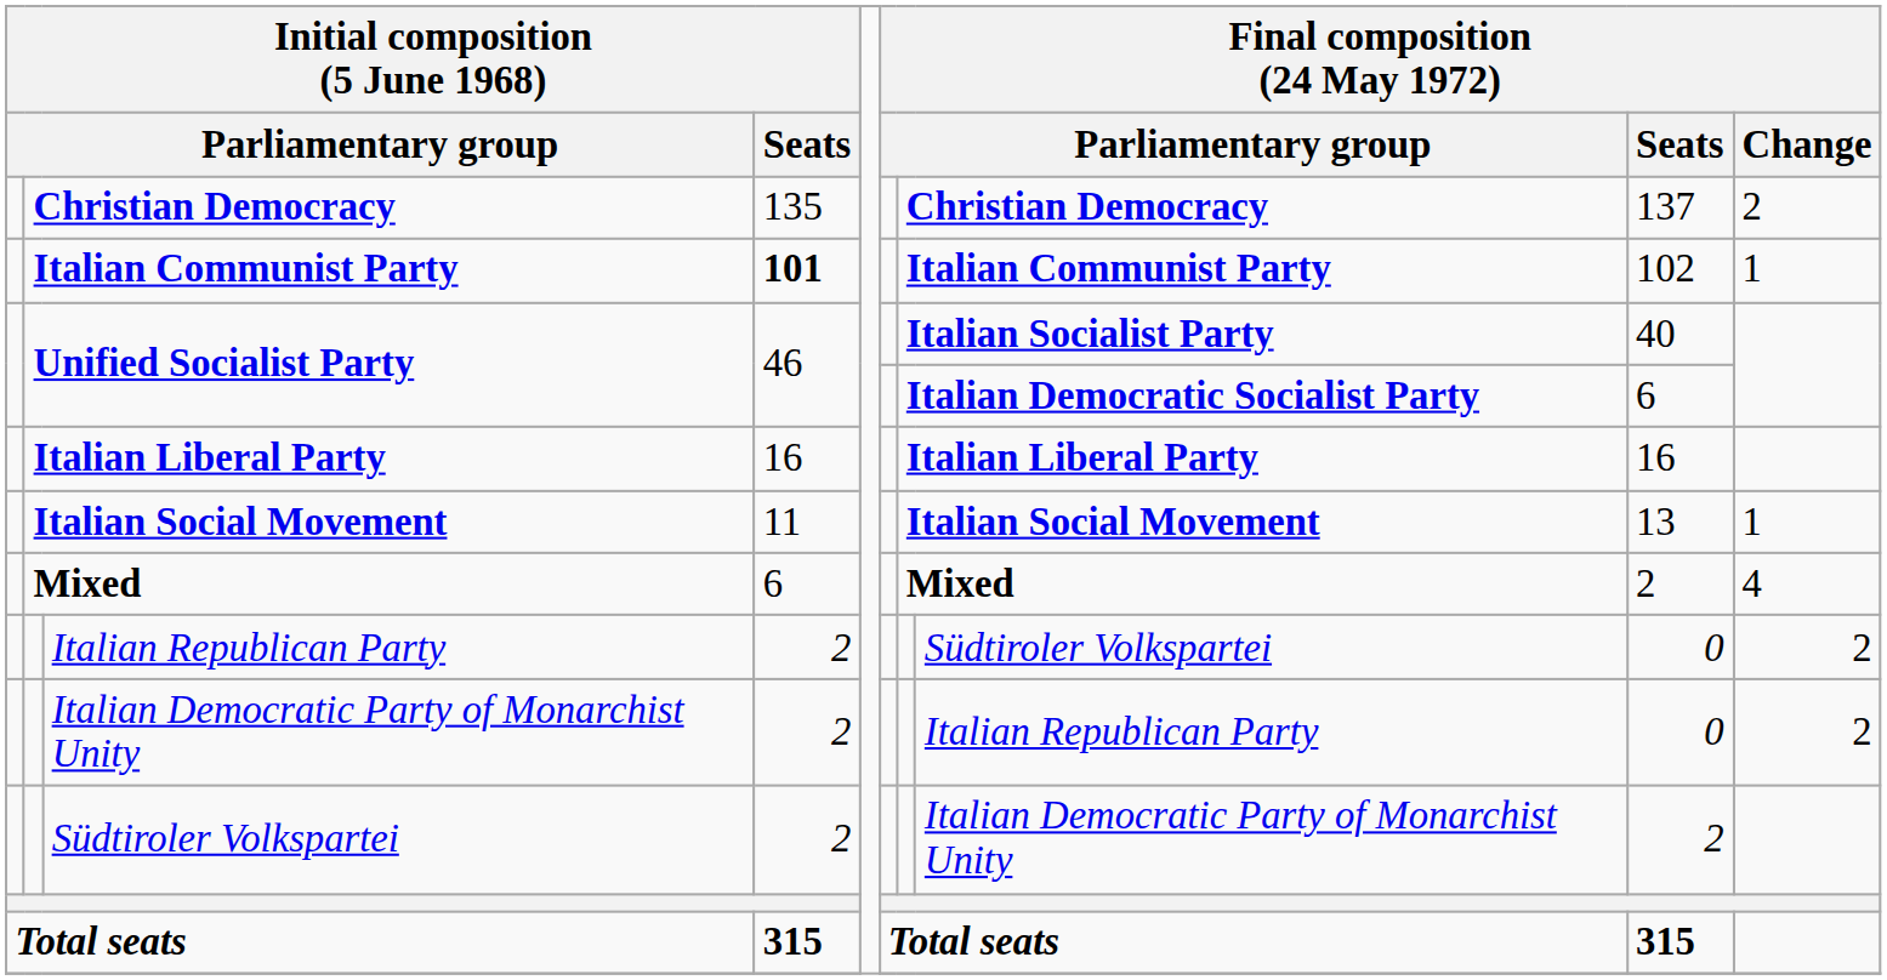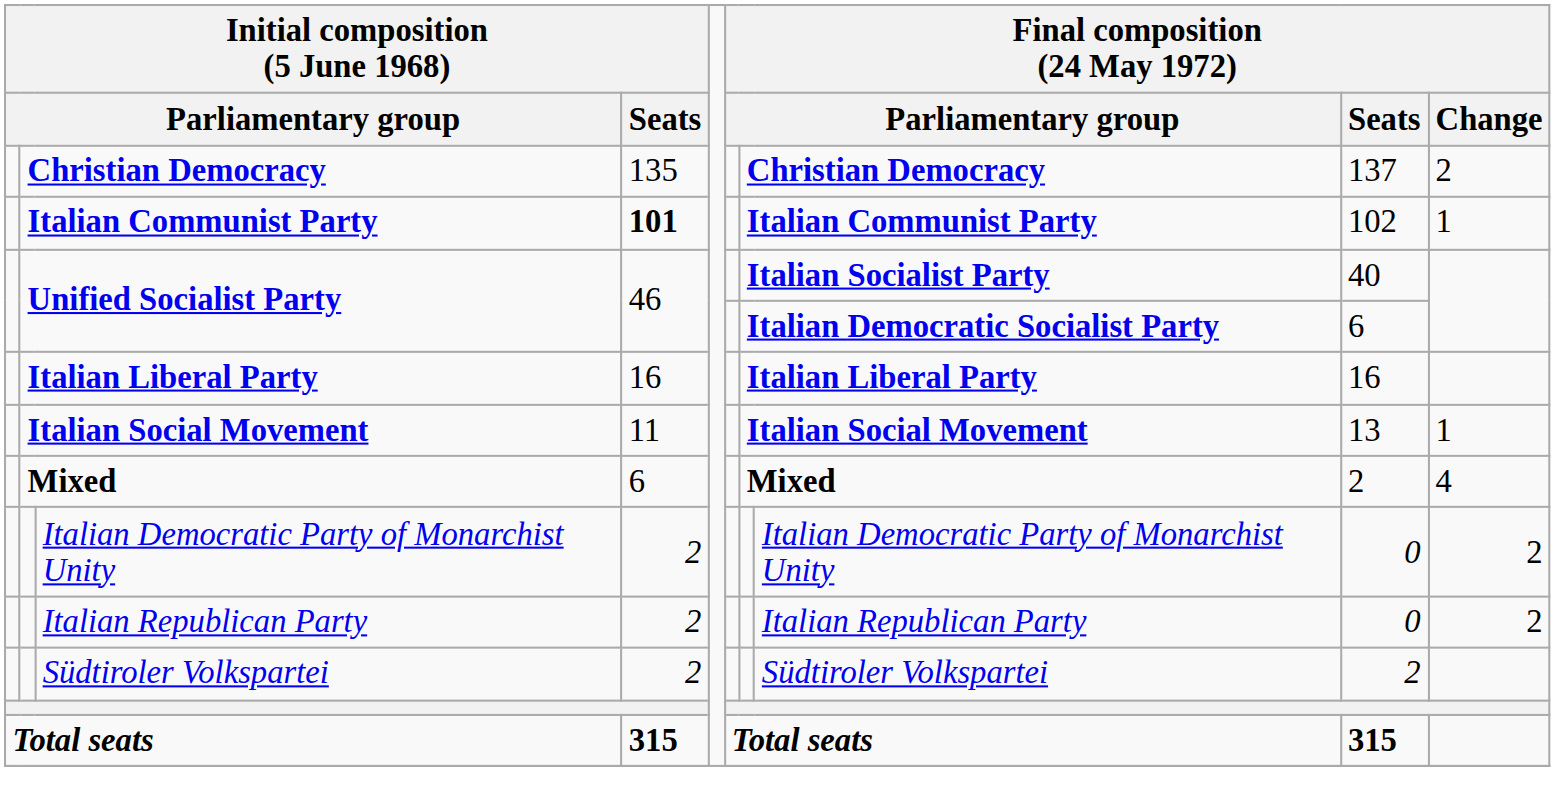 <table class="wikitable" style="width : 60%;">
 <tr>
 <th colspan="4">Initial composition<br>(5 June 1968)</th>
 <td rowspan="30" style="width : 1%;"></td>
 <th colspan="5">Final composition<br>(24 May 1972)</th>
 </tr>
 <tr>
 <th colspan="3">Parliamentary group</th>
 <th>Seats</th>
 <th colspan="3">Parliamentary group</th>
 <th>Seats</th>
 <th>Change</th>
 </tr>
 <tr>
 <td></td>
 <td colspan = "2"><strong><a href='#'>Christian Democracy</a></strong></td>
 <td>135</td>
 <td></td>
 <td colspan = "2"><strong><a href='#'>Christian Democracy</a></strong></td>
 <td>137</td>
 <td> 2</td>
 </tr>
 <tr>
 <td></td>
 <td colspan = "2"><strong><a href='#'>Italian Communist Party</a></strong></td>
 <td><strong>101</strong></td>
 <td></td>
 <td colspan = "2"><strong><a href='#'>Italian Communist Party</a></strong></td>
 <td>102</td>
 <td> 1</td>
 </tr>
 <tr>
 <td rowspan=2></td>
 <td rowspan=2 colspan = "2"><strong><a href='#'>Unified Socialist Party</a></strong></td>
 <td rowspan=2>46</td>
 <td></td>
 <td colspan = "2"><strong><a href='#'>Italian Socialist Party</a></strong></td>
 <td>40</td>
 <td rowspan=2></td>
 </tr>
 <tr>
 <td></td>
 <td colspan = "2"><strong><a href='#'>Italian Democratic Socialist Party</a></strong></td>
 <td>6</td>
 </tr>
 <tr>
 <td></td>
 <td colspan = "2"><strong><a href='#'>Italian Liberal Party</a></strong></td>
 <td>16</td>
 <td></td>
 <td colspan = "2"><strong><a href='#'>Italian Liberal Party</a></strong></td>
 <td>16</td>
 <td></td>
 </tr>
 <tr>
 <td></td>
 <td colspan = "2"><strong><a href='#'>Italian Social Movement</a></strong></td>
 <td>11</td>
 <td></td>
 <td colspan = "2"><strong><a href='#'>Italian Social Movement</a></strong></td>
 <td>13</td>
 <td> 1</td>
 </tr>
 <tr>
 <td></td>
 <td colspan = "2"><strong>Mixed</strong></td>
 <td>6</td>
 <td></td>
 <td colspan = "2"><strong>Mixed</strong></td>
 <td>2</td>
 <td> 4</td>
 </tr>
 <tr>
 <td></td>
 <td></td>
-<td><em><a href='#'>Italian Republican Party</a></em></td>
+<td><em><a href='#'>Italian Democratic Party of Monarchist Unity</a></em></td>
 <td align="right"><em>2</em></td>
 <td></td>
 <td></td>
-<td><em><a href='#'>Südtiroler Volkspartei</a></em></td>
+<td><em><a href='#'>Italian Democratic Party of Monarchist Unity</a></em></td>
 <td align="right"><em>0</em></td>
 <td align="right"> 2</td>
 </tr>
 <tr>
 <td></td>
 <td></td>
-<td><em><a href='#'>Italian Democratic Party of Monarchist Unity</a></em></td>
+<td><em><a href='#'>Italian Republican Party</a></em></td>
 <td align="right"><em>2</em></td>
 <td></td>
 <td></td>
 <td><em><a href='#'>Italian Republican Party</a></em></td>
 <td align="right"><em>0</em></td>
 <td align="right"> 2</td>
 </tr>
 <tr>
 <td></td>
 <td></td>
 <td><em><a href='#'>Südtiroler Volkspartei</a></em></td>
 <td align="right"><em>2</em></td>
 <td></td>
 <td></td>
-<td><em><a href='#'>Italian Democratic Party of Monarchist Unity</a></em></td>
+<td><em><a href='#'>Südtiroler Volkspartei</a></em></td>
 <td align="right"><em>2</em></td>
 <td align="right"></td>
 </tr>
 <tr>
 <th colspan="4"></th>
 <th colspan="5"></th>
 </tr>
 <tr>
 <td colspan="3"><strong><em>Total seats</em></strong></td>
 <td><strong>315</strong></td>
 <td colspan="3"><strong><em>Total seats</em></strong></td>
 <td><strong>315</strong></td>
 <td></td>
 </tr>
 <tr>
 </tr>
 </table>
